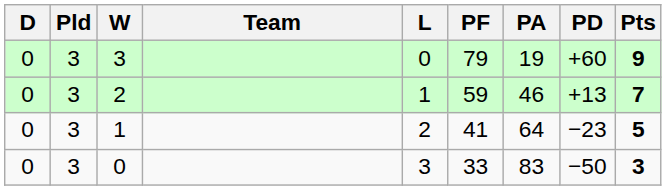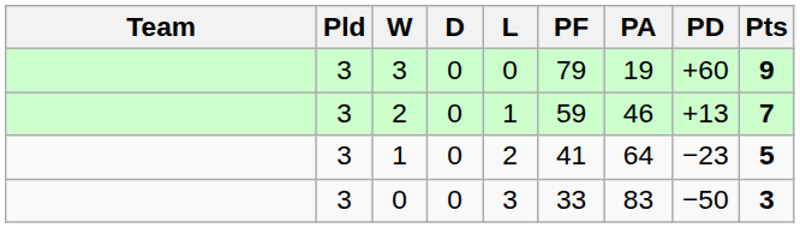 <table class="wikitable" style="text-align:center;">
 <tr>
-<th width=25 abbr="Drawn">D</th>
+<th width=175>Team</th>
 <th width=25 abbr="Played">Pld</th>
 <th width=25 abbr="Won">W</th>
-<th width=175>Team</th>
+<th width=25 abbr="Drawn">D</th>
 <th width=25 abbr="Lost">L</th>
 <th width=32 abbr="Points for">PF</th>
 <th width=32 abbr="Points against">PA</th>
 <th width=32 abbr="Points difference">PD</th>
 <th width=25 abbr="Points">Pts</th>
 </tr>
 <tr bgcolor="ccffcc">
-<td>0</td>
+<td align="left"></td>
 <td>3</td>
 <td>3</td>
-<td align="left"></td>
+<td>0</td>
 <td>0</td>
 <td>79</td>
 <td>19</td>
 <td>+60</td>
 <td><strong>9</strong></td>
 </tr>
 <tr bgcolor="ccffcc">
-<td>0</td>
+<td align="left"></td>
 <td>3</td>
 <td>2</td>
-<td align="left"></td>
+<td>0</td>
 <td>1</td>
 <td>59</td>
 <td>46</td>
 <td>+13</td>
 <td><strong>7</strong></td>
 </tr>
 <tr>
-<td>0</td>
+<td align="left"></td>
 <td>3</td>
 <td>1</td>
-<td align="left"></td>
+<td>0</td>
 <td>2</td>
 <td>41</td>
 <td>64</td>
 <td>−23</td>
 <td><strong>5</strong></td>
 </tr>
 <tr>
-<td>0</td>
+<td align="left"></td>
 <td>3</td>
 <td>0</td>
-<td align="left"></td>
+<td>0</td>
 <td>3</td>
 <td>33</td>
 <td>83</td>
 <td>−50</td>
 <td><strong>3</strong></td>
 </tr>
 </table>
